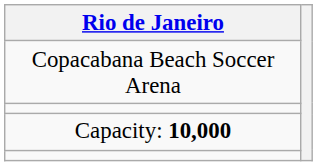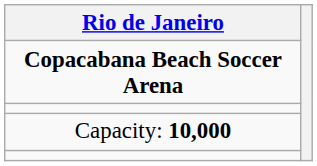 <table class="wikitable" style="text-align:center">
 <tr>
 <th width=200><a href='#'>Rio de Janeiro</a> <br></th>
 <th rowspan=5 colspan=2></th>
 </tr>
 <tr>
-<td>Copacabana Beach Soccer Arena</td>
+<td><strong>Copacabana Beach Soccer Arena</strong></td>
 </tr>
 <tr>
 <td><small></small></td>
 </tr>
 <tr>
 <td>Capacity: <strong>10,000</strong></td>
 </tr>
 <tr>
 <td></td>
 </tr>
 </table>
